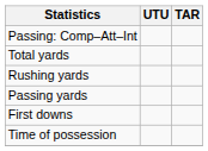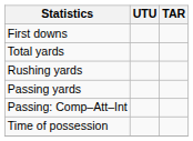 <table class="wikitable" style="float: left;">
 <tr>
 <th>Statistics</th>
 <th>UTU</th>
 <th>TAR</th>
 </tr>
 <tr>
-<td>Passing: Comp–Att–Int</td>
+<td>First downs</td>
 <td></td>
 <td></td>
 </tr>
 <tr>
 <td>Total yards</td>
 <td></td>
 <td></td>
 </tr>
 <tr>
 <td>Rushing yards</td>
 <td></td>
 <td></td>
 </tr>
 <tr>
 <td>Passing yards</td>
 <td></td>
 <td></td>
 </tr>
 <tr>
-<td>First downs</td>
+<td>Passing: Comp–Att–Int</td>
 <td></td>
 <td></td>
 </tr>
 <tr>
 <td>Time of possession</td>
 <td></td>
 <td></td>
 </tr>
 <tr>
 </tr>
 </table>
